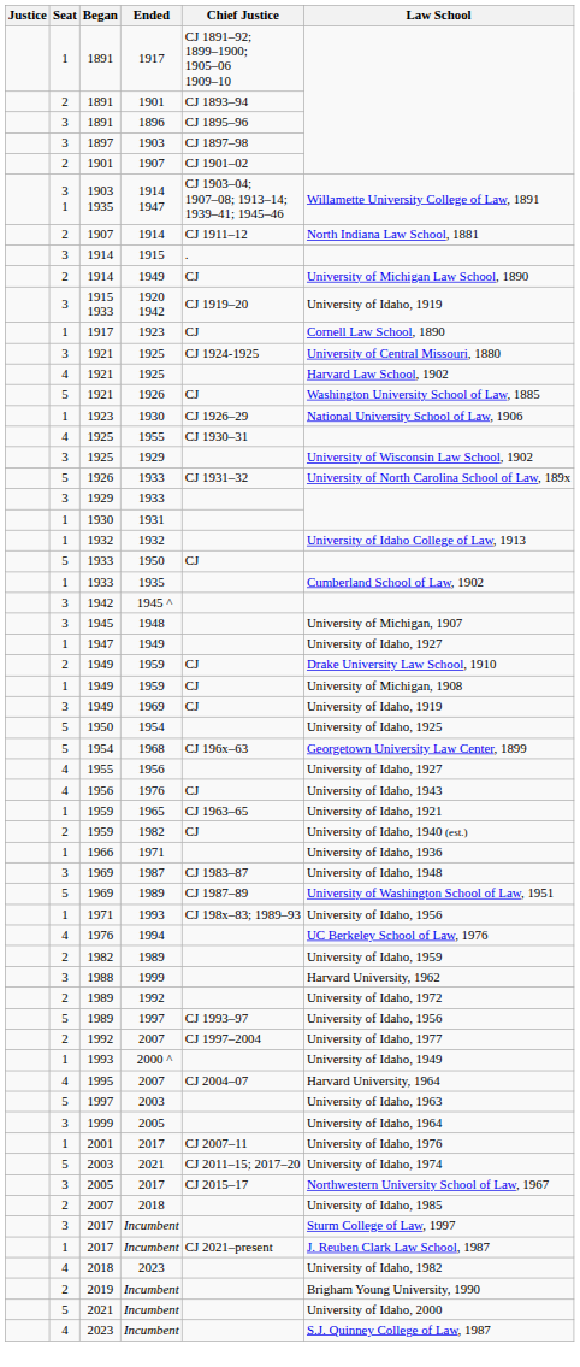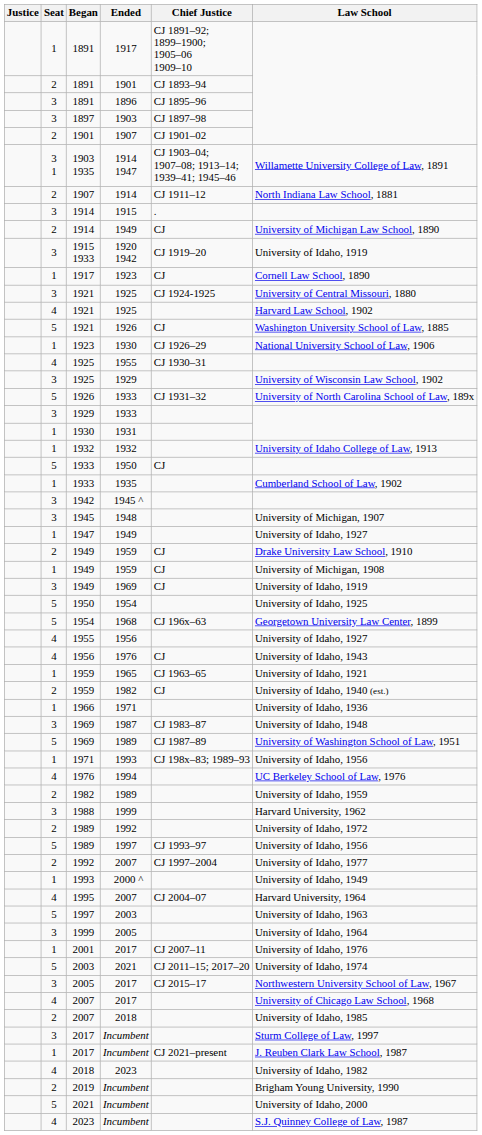 <table class="sortable wikitable">
 <tr>
 <th>Justice</th>
 <th>Seat</th>
 <th>Began</th>
 <th>Ended</th>
 <th>Chief Justice</th>
 <th>Law School</th>
 </tr>
 <tr>
 <td></td>
 <td align=center>1</td>
 <td align=center>1891</td>
 <td align=center>1917</td>
 <td>CJ 1891–92;<br>1899–1900;<br>1905–06<br>1909–10</td>
 <td rowspan=5></td>
 </tr>
 <tr>
 <td></td>
 <td align=center>2</td>
 <td align=center>1891</td>
 <td align=center>1901</td>
 <td>CJ 1893–94</td>
 </tr>
 <tr>
 <td></td>
 <td align=center>3</td>
 <td align=center>1891</td>
 <td align=center>1896</td>
 <td>CJ 1895–96</td>
 </tr>
 <tr>
 <td></td>
 <td align=center>3</td>
 <td align=center>1897</td>
 <td align=center>1903</td>
 <td>CJ 1897–98</td>
 </tr>
 <tr>
 <td></td>
 <td align=center>2</td>
 <td align=center>1901</td>
 <td align=center>1907</td>
 <td>CJ 1901–02</td>
 </tr>
 <tr>
 <td></td>
 <td align=center>3<br>1</td>
 <td align=center>1903<br>1935</td>
 <td align=center>1914<br>1947</td>
 <td>CJ 1903–04;<br>1907–08; 1913–14;<br>1939–41; 1945–46</td>
 <td><a href='#'>Willamette University College of Law</a>, 1891</td>
 </tr>
 <tr>
 <td></td>
 <td align=center>2</td>
 <td align=center>1907</td>
 <td align=center>1914</td>
 <td>CJ 1911–12</td>
 <td><a href='#'>North Indiana Law School</a>, 1881</td>
 </tr>
 <tr>
 <td></td>
 <td align=center>3</td>
 <td align=center>1914</td>
 <td align=center>1915</td>
 <td>.</td>
 <td></td>
 </tr>
 <tr>
 <td></td>
 <td align=center>2</td>
 <td align=center>1914</td>
 <td align=center>1949</td>
 <td>CJ</td>
 <td><a href='#'>University of Michigan Law School</a>, 1890</td>
 </tr>
 <tr>
 <td></td>
 <td align=center>3</td>
 <td align=center>1915<br>1933</td>
 <td align=center>1920<br>1942</td>
 <td>CJ 1919–20</td>
 <td>University of Idaho, 1919<br>    </td>
 </tr>
 <tr>
 <td></td>
 <td align=center>1</td>
 <td align=center>1917</td>
 <td align=center>1923</td>
 <td>CJ</td>
 <td><a href='#'>Cornell Law School</a>, 1890</td>
 </tr>
 <tr>
 <td></td>
 <td align=center>3</td>
 <td align=center>1921</td>
 <td align=center>1925</td>
 <td>CJ 1924-1925</td>
 <td><a href='#'>University of Central Missouri</a>, 1880</td>
 </tr>
 <tr>
 <td></td>
 <td align=center>4</td>
 <td align=center>1921</td>
 <td align=center>1925</td>
 <td></td>
 <td><a href='#'>Harvard Law School</a>, 1902</td>
 </tr>
 <tr>
 <td></td>
 <td align=center>5</td>
 <td align=center>1921</td>
 <td align=center>1926</td>
 <td>CJ</td>
 <td><a href='#'>Washington University School of Law</a>, 1885</td>
 </tr>
 <tr>
 <td></td>
 <td align=center>1</td>
 <td align=center>1923</td>
 <td align=center>1930</td>
 <td>CJ 1926–29</td>
 <td><a href='#'>National University School of Law</a>, 1906</td>
 </tr>
 <tr>
 <td></td>
 <td align=center>4</td>
 <td align=center>1925</td>
 <td align=center>1955</td>
 <td>CJ 1930–31</td>
 </tr>
 <tr>
 <td></td>
 <td align=center>3</td>
 <td align=center>1925</td>
 <td align=center>1929</td>
 <td></td>
 <td><a href='#'>University of Wisconsin Law School</a>, 1902</td>
 </tr>
 <tr>
 <td></td>
 <td align=center>5</td>
 <td align=center>1926</td>
 <td align=center>1933</td>
 <td>CJ 1931–32</td>
 <td><a href='#'>University of North Carolina School of Law</a>, 189x</td>
 </tr>
 <tr>
 <td></td>
 <td align=center>3</td>
 <td align=center>1929</td>
 <td align=center>1933</td>
 <td></td>
 <td rowspan=2></td>
 </tr>
 <tr>
 <td></td>
 <td align=center>1</td>
 <td align=center>1930</td>
 <td align=center>1931</td>
 <td></td>
 </tr>
 <tr>
 <td></td>
 <td align=center>1</td>
 <td align=center>1932</td>
 <td align=center>1932</td>
 <td></td>
 <td><a href='#'>University of Idaho College of Law</a>, 1913</td>
 </tr>
 <tr>
 <td></td>
 <td align=center>5</td>
 <td align=center>1933</td>
 <td align=center>1950</td>
 <td>CJ</td>
 <td><br></td>
 </tr>
 <tr>
 <td></td>
 <td align=center>1</td>
 <td align=center>1933</td>
 <td align=center>1935</td>
 <td></td>
 <td><a href='#'>Cumberland School of Law</a>, 1902</td>
 </tr>
 <tr>
 <td></td>
 <td align=center>3</td>
 <td align=center>1942</td>
 <td align=center>  1945 ^</td>
 <td></td>
 <td><br> </td>
 </tr>
 <tr>
 <td></td>
 <td align=center>3</td>
 <td align=center>1945</td>
 <td align=center>1948</td>
 <td></td>
 <td>University of Michigan, 1907</td>
 </tr>
 <tr>
 <td></td>
 <td align=center>1</td>
 <td align=center>1947</td>
 <td align=center>1949</td>
 <td></td>
 <td>University of Idaho, 1927 </td>
 </tr>
 <tr>
 <td></td>
 <td align=center>2</td>
 <td align=center>1949</td>
 <td align=center>1959</td>
 <td>CJ</td>
 <td><a href='#'>Drake University Law School</a>, 1910<br>  </td>
 </tr>
 <tr>
 <td></td>
 <td align=center>1</td>
 <td align=center>1949</td>
 <td align=center>1959</td>
 <td>CJ</td>
 <td>University of Michigan, 1908 </td>
 </tr>
 <tr>
 <td></td>
 <td align=center>3</td>
 <td align=center>1949</td>
 <td align=center>1969</td>
 <td>CJ </td>
 <td>University of Idaho, 1919</td>
 </tr>
 <tr>
 <td></td>
 <td align=center>5</td>
 <td align=center>1950</td>
 <td align=center>1954</td>
 <td></td>
 <td>University of Idaho, 1925</td>
 </tr>
 <tr>
 <td></td>
 <td align=center>5</td>
 <td align=center>1954</td>
 <td align=center>1968</td>
 <td>CJ 196x–63</td>
 <td><a href='#'>Georgetown University Law Center</a>, 1899</td>
 </tr>
 <tr>
 <td></td>
 <td align=center>4</td>
 <td align=center>1955</td>
 <td align=center>1956</td>
 <td></td>
 <td>University of Idaho, 1927 </td>
 </tr>
 <tr>
 <td></td>
 <td align=center>4</td>
 <td align=center>1956</td>
 <td align=center>1976</td>
 <td>CJ</td>
 <td>University of Idaho, 1943 </td>
 </tr>
 <tr>
 <td></td>
 <td align=center>1</td>
 <td align=center>1959</td>
 <td align=center>1965</td>
 <td>CJ 1963–65</td>
 <td>University of Idaho, 1921<br> </td>
 </tr>
 <tr>
 <td></td>
 <td align=center>2</td>
 <td align=center>1959</td>
 <td align=center>1982</td>
 <td>CJ </td>
 <td>University of Idaho, 1940 <small>(est.)</small><br>  </td>
 </tr>
 <tr>
 <td></td>
 <td align=center>1</td>
 <td align=center>1966</td>
 <td align=center>1971</td>
 <td></td>
 <td>University of Idaho, 1936<br> </td>
 </tr>
 <tr>
 <td></td>
 <td align=center>3</td>
 <td align=center>1969</td>
 <td align=center>1987</td>
 <td>CJ 1983–87</td>
 <td>University of Idaho, 1948<br> </td>
 </tr>
 <tr>
 <td></td>
 <td align=center>5</td>
 <td align=center>1969</td>
 <td align=center>1989</td>
 <td>CJ 1987–89</td>
 <td><a href='#'>University of Washington School of Law</a>, 1951<br>   </td>
 </tr>
 <tr>
 <td></td>
 <td align=center>1</td>
 <td align=center>1971</td>
 <td align=center>1993</td>
 <td>CJ 198x–83; 1989–93</td>
 <td>University of Idaho, 1956<br></td>
 </tr>
 <tr>
 <td></td>
 <td align=center>4</td>
 <td align=center>1976</td>
 <td align=center>1994</td>
 <td></td>
 <td><a href='#'>UC Berkeley School of Law</a>, 1976</td>
 </tr>
 <tr>
 <td></td>
 <td align=center>2</td>
 <td align=center>1982</td>
 <td align=center>1989</td>
 <td></td>
 <td>University of Idaho, 1959<br> </td>
 </tr>
 <tr>
 <td></td>
 <td align=center>3</td>
 <td align=center>1988</td>
 <td align=center>1999</td>
 <td></td>
 <td>Harvard University, 1962<br>   </td>
 </tr>
 <tr>
 <td></td>
 <td align=center>2</td>
 <td align=center>1989</td>
 <td align=center>1992</td>
 <td></td>
 <td>University of Idaho, 1972</td>
 </tr>
 <tr>
 <td></td>
 <td align=center>5</td>
 <td align=center>1989</td>
 <td align=center>1997</td>
 <td>CJ 1993–97</td>
 <td>University of Idaho, 1956<br></td>
 </tr>
 <tr>
 <td></td>
 <td align=center>2</td>
 <td align=center>1992</td>
 <td align=center>2007</td>
 <td>CJ 1997–2004</td>
 <td>University of Idaho, 1977</td>
 </tr>
 <tr>
 <td></td>
 <td align=center>1</td>
 <td align=center>1993</td>
 <td align=center>  2000 ^</td>
 <td></td>
 <td>University of Idaho, 1949<br>   </td>
 </tr>
 <tr>
 <td></td>
 <td align=center>4</td>
 <td align=center>1995</td>
 <td align=center>2007</td>
 <td>CJ 2004–07</td>
 <td>Harvard University, 1964</td>
 </tr>
 <tr>
 <td></td>
 <td align=center>5</td>
 <td align=center>1997</td>
 <td align=center>2003</td>
 <td></td>
 <td>University of Idaho, 1963</td>
 </tr>
 <tr>
 <td></td>
 <td align=center>3</td>
 <td align=center>1999</td>
 <td align=center>2005</td>
 <td></td>
 <td>University of Idaho, 1964</td>
 </tr>
 <tr>
 <td></td>
 <td align=center>1</td>
 <td align=center>2001</td>
 <td align=center>2017</td>
 <td>CJ 2007–11</td>
 <td>University of Idaho, 1976</td>
 </tr>
 <tr>
 <td></td>
 <td align=center>5</td>
 <td align=center>2003</td>
 <td align=center>2021</td>
 <td>CJ 2011–15; 2017–20</td>
 <td>University of Idaho, 1974</td>
 </tr>
 <tr>
 <td></td>
 <td align=center>3</td>
 <td align=center>2005</td>
 <td align=center>2017</td>
 <td>CJ 2015–17</td>
 <td><a href='#'>Northwestern University School of Law</a>, 1967</td>
 </tr>
 <tr>
 <td></td>
+<td align=center>4</td>
+<td align=center>2007</td>
+<td align=center>2017</td>
+<td></td>
+<td><a href='#'>University of Chicago Law School</a>, 1968</td>
+</tr>
+<tr>
+<td></td>
 <td align=center>2</td>
 <td align=center>2007</td>
 <td align=center>2018</td>
 <td></td>
 <td>University of Idaho, 1985</td>
 </tr>
 <tr>
 <td></td>
 <td align=center>3</td>
 <td align=center>2017</td>
 <td><em>Incumbent</em></td>
 <td></td>
 <td><a href='#'>Sturm College of Law</a>, 1997</td>
 </tr>
 <tr>
 <td></td>
 <td align=center>1</td>
 <td align=center>2017</td>
 <td><em>Incumbent</em></td>
 <td>CJ 2021–present</td>
 <td><a href='#'>J. Reuben Clark Law School</a>, 1987</td>
 </tr>
 <tr>
 <td></td>
 <td align=center>4</td>
 <td align=center>2018</td>
 <td align=center>2023</td>
 <td></td>
 <td>University of Idaho, 1982</td>
 </tr>
 <tr>
 <td></td>
 <td align=center>2</td>
 <td align=center>2019</td>
 <td><em>Incumbent</em></td>
 <td></td>
 <td>Brigham Young University, 1990</td>
 </tr>
 <tr>
 <td></td>
 <td align=center>5</td>
 <td align=center>2021</td>
 <td align=center><em>Incumbent</em></td>
 <td></td>
 <td>University of Idaho, 2000</td>
 </tr>
 <tr>
 <td></td>
 <td align=center>4</td>
 <td align=center>2023</td>
 <td align=center><em>Incumbent</em></td>
 <td></td>
 <td><a href='#'>S.J. Quinney College of Law</a>, 1987</td>
 </tr>
 </table>
